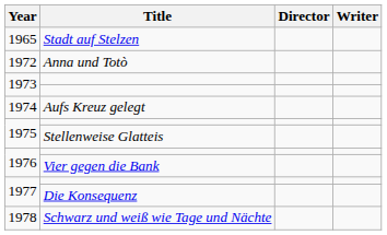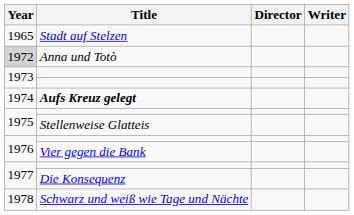 <table class="wikitable">
 <tr>
 <th>Year</th>
 <th>Title</th>
 <th>Director</th>
 <th>Writer</th>
 </tr>
 <tr>
 <td>1965</td>
 <td><em><a href='#'>Stadt auf Stelzen</a></em></td>
 <td></td>
 <td></td>
 </tr>
 <tr>
-<td>1972</td>
+<td style="background: lightgrey;">1972</td>
 <td><em>Anna und Totò</em></td>
 <td></td>
 <td></td>
 </tr>
 <tr>
 <td rowspan=2>1973</td>
 <td><em></em></td>
 <td></td>
 <td></td>
 </tr>
 <tr>
 <td><em></em></td>
 <td></td>
 <td></td>
 </tr>
 <tr>
 <td>1974</td>
-<td><em>Aufs Kreuz gelegt</em></td>
+<td><strong><em>Aufs Kreuz gelegt</em></strong></td>
 <td></td>
 <td></td>
 </tr>
 <tr>
 <td rowspan=2>1975</td>
 <td><em></em></td>
 <td></td>
 <td></td>
 </tr>
 <tr>
 <td><em>Stellenweise Glatteis</em></td>
 <td></td>
 <td></td>
 </tr>
 <tr>
 <td rowspan=2>1976</td>
 <td><em></em></td>
 <td></td>
 <td></td>
 </tr>
 <tr>
 <td><em><a href='#'>Vier gegen die Bank</a></em></td>
 <td></td>
 <td></td>
 </tr>
 <tr>
 <td rowspan=2>1977</td>
 <td><em></em></td>
 <td></td>
 <td></td>
 </tr>
 <tr>
 <td><em><a href='#'>Die Konsequenz</a></em></td>
 <td></td>
 <td></td>
 </tr>
 <tr>
 <td>1978</td>
 <td><em><a href='#'>Schwarz und weiß wie Tage und Nächte</a></em></td>
 <td></td>
 <td></td>
 </tr>
 </table>
